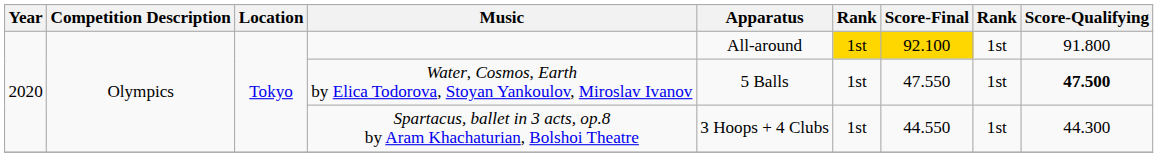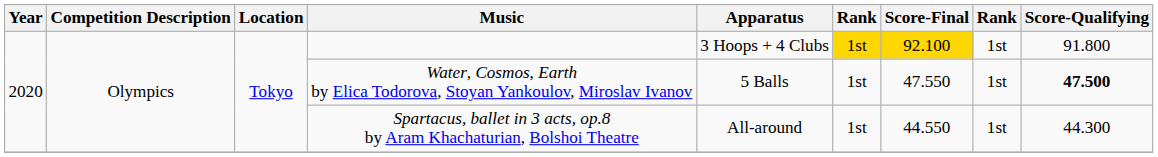 <table class="wikitable" style="text-align:center">
 <tr>
 <th>Year</th>
 <th>Competition Description</th>
 <th>Location</th>
 <th>Music</th>
 <th>Apparatus</th>
 <th>Rank</th>
 <th>Score-Final</th>
 <th>Rank</th>
 <th>Score-Qualifying</th>
 </tr>
 <tr>
 <td rowspan="3">2020</td>
 <td rowspan="3">Olympics</td>
 <td rowspan="3"><a href='#'>Tokyo</a></td>
 <td></td>
-<td>All-around</td>
+<td>3 Hoops + 4 Clubs</td>
 <td bgcolor=gold>1st</td>
 <td bgcolor=gold>92.100</td>
 <td>1st</td>
 <td>91.800</td>
 </tr>
 <tr>
 <td><em>Water</em>, <em>Cosmos</em>, <em>Earth</em> <br> by <a href='#'>Elica Todorova</a>, <a href='#'>Stoyan Yankoulov</a>, <a href='#'>Miroslav Ivanov</a></td>
 <td>5 Balls</td>
 <td>1st</td>
 <td>47.550</td>
 <td>1st</td>
 <td><strong>47.500</strong></td>
 </tr>
 <tr>
 <td><em>Spartacus, ballet in 3 acts, op.8</em> <br> by <a href='#'>Aram Khachaturian</a>, <a href='#'>Bolshoi Theatre</a></td>
-<td>3 Hoops + 4 Clubs</td>
+<td>All-around</td>
 <td>1st</td>
 <td>44.550</td>
 <td>1st</td>
 <td>44.300</td>
 </tr>
 <tr>
 </tr>
 </table>
